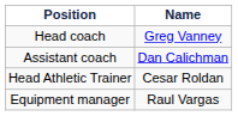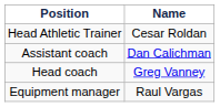 <table class="wikitable" style="text-align:center;">
 <tr>
 <th style="background:#FFFFFF; color:#15284B;">Position</th>
 <th style="background:#FFFFFF; color:#15284B;">Name</th>
 </tr>
 <tr>
-<td>Head coach</td>
-<td>  <a href='#'>Greg Vanney</a></td>
+<td>Head Athletic Trainer</td>
+<td> Cesar Roldan</td>
 </tr>
 <tr>
 <td>Assistant coach</td>
 <td>  <a href='#'>Dan Calichman</a></td>
 </tr>
 <tr>
-<td>Head Athletic Trainer</td>
-<td> Cesar Roldan</td>
+<td>Head coach</td>
+<td>  <a href='#'>Greg Vanney</a></td>
 </tr>
 <tr>
 <td>Equipment manager</td>
 <td> Raul Vargas</td>
 </tr>
 </table>
